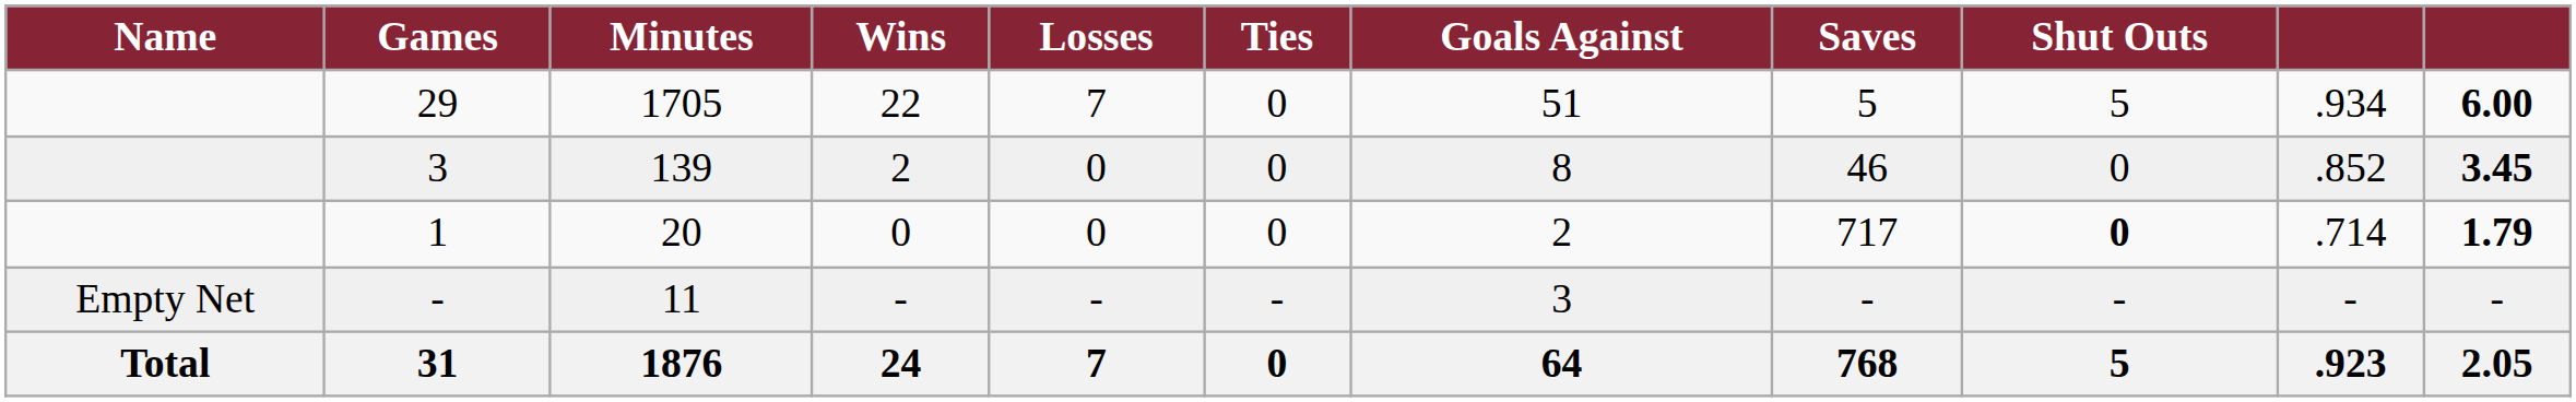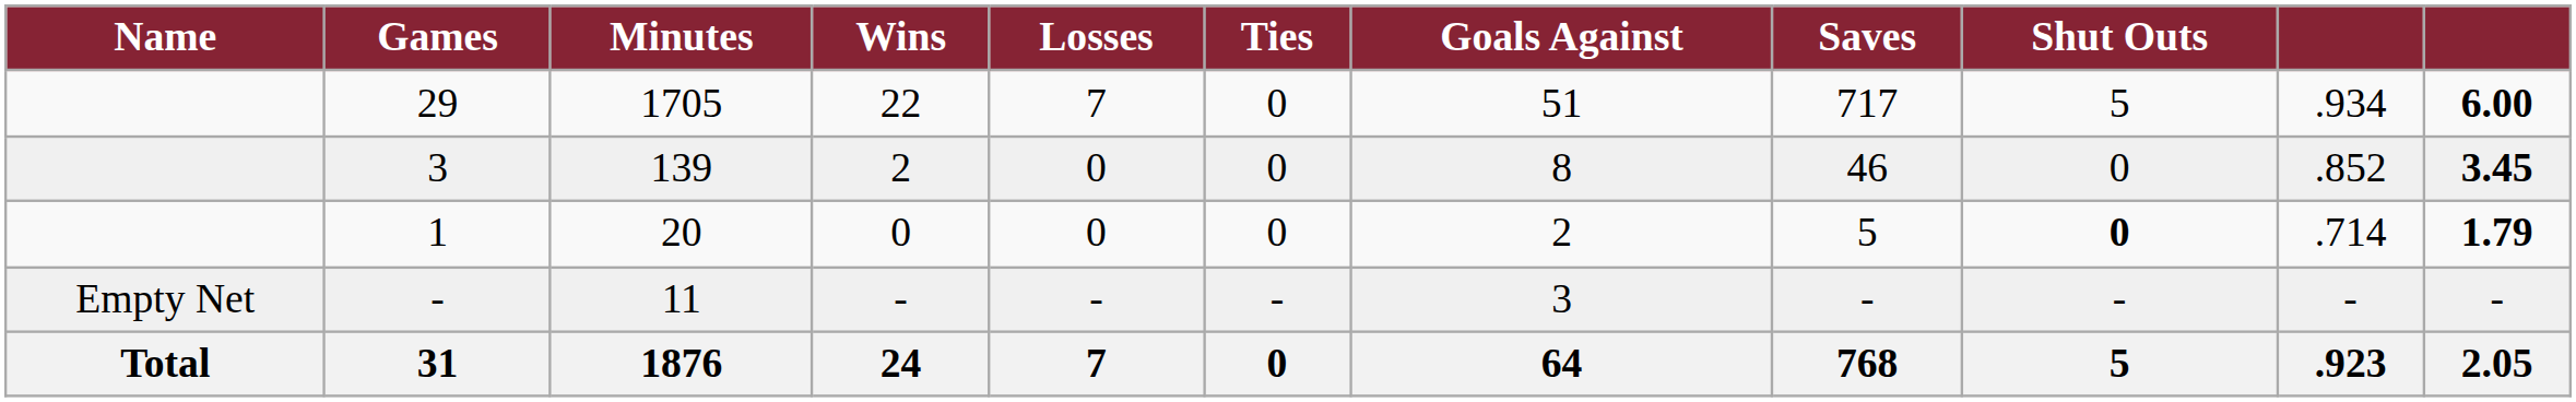 <table class="wikitable sortable" width ="1000">
 <tr align="center">
 <th style="color:white; background:#862334; ">Name</th>
 <th style="color:white; background:#862334; ">Games</th>
 <th style="color:white; background:#862334; ">Minutes</th>
 <th style="color:white; background:#862334; ">Wins</th>
 <th style="color:white; background:#862334; ">Losses</th>
 <th style="color:white; background:#862334; ">Ties</th>
 <th style="color:white; background:#862334; ">Goals Against</th>
 <th style="color:white; background:#862334; ">Saves</th>
 <th style="color:white; background:#862334; ">Shut Outs</th>
 <th style="color:white; background:#862334; "><a href='#'></a></th>
 <th style="color:white; background:#862334; "><a href='#'></a></th>
 </tr>
 <tr align="center" bgcolor="">
 <td></td>
 <td>29</td>
 <td>1705</td>
 <td>22</td>
 <td>7</td>
 <td>0</td>
 <td>51</td>
-<td>5</td>
+<td>717</td>
 <td>5</td>
 <td>.934</td>
 <td><strong>6.00</strong></td>
 </tr>
 <tr align="center" bgcolor="f0f0f0">
 <td></td>
 <td>3</td>
 <td>139</td>
 <td>2</td>
 <td>0</td>
 <td>0</td>
 <td>8</td>
 <td>46</td>
 <td>0</td>
 <td>.852</td>
 <td><strong>3.45</strong></td>
 </tr>
 <tr align="center" bgcolor="">
 <td></td>
 <td>1</td>
 <td>20</td>
 <td>0</td>
 <td>0</td>
 <td>0</td>
 <td>2</td>
-<td>717</td>
+<td>5</td>
 <td><strong>0</strong></td>
 <td>.714</td>
 <td><strong>1.79</strong></td>
 </tr>
 <tr align="center" bgcolor="f0f0f0">
 <td>Empty Net</td>
 <td>-</td>
 <td>11</td>
 <td>-</td>
 <td>-</td>
 <td>-</td>
 <td>3</td>
 <td>-</td>
 <td>-</td>
 <td>-</td>
 <td>-</td>
 </tr>
 <tr>
 <th>Total</th>
 <th>31</th>
 <th>1876</th>
 <th>24</th>
 <th>7</th>
 <th>0</th>
 <th>64</th>
 <th>768</th>
 <th>5</th>
 <th>.923</th>
 <th>2.05</th>
 </tr>
 </table>
